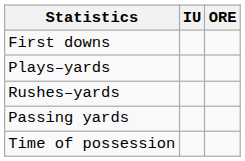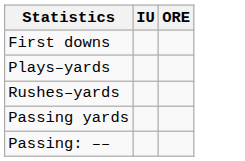 <table class="wikitable" style="float:left">
 <tr>
 <th>Statistics</th>
 <th>IU</th>
 <th>ORE</th>
 </tr>
 <tr>
 <td>First downs</td>
 <td></td>
 <td></td>
 </tr>
 <tr>
 <td>Plays–yards</td>
 <td></td>
 <td></td>
 </tr>
 <tr>
 <td>Rushes–yards</td>
 <td></td>
 <td></td>
 </tr>
 <tr>
 <td>Passing yards</td>
 <td></td>
 <td></td>
 </tr>
 <tr>
-<td>Time of possession</td>
+<td>Passing: ––</td>
 <td></td>
 <td></td>
 </tr>
 </table>
